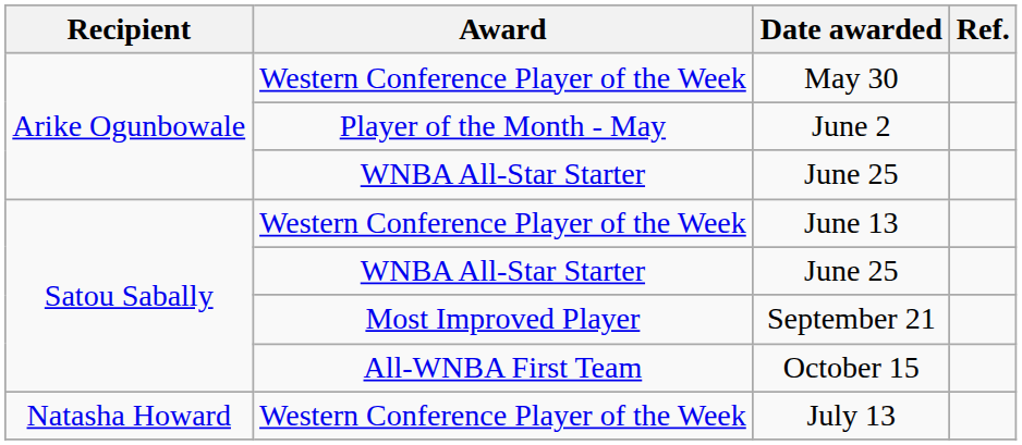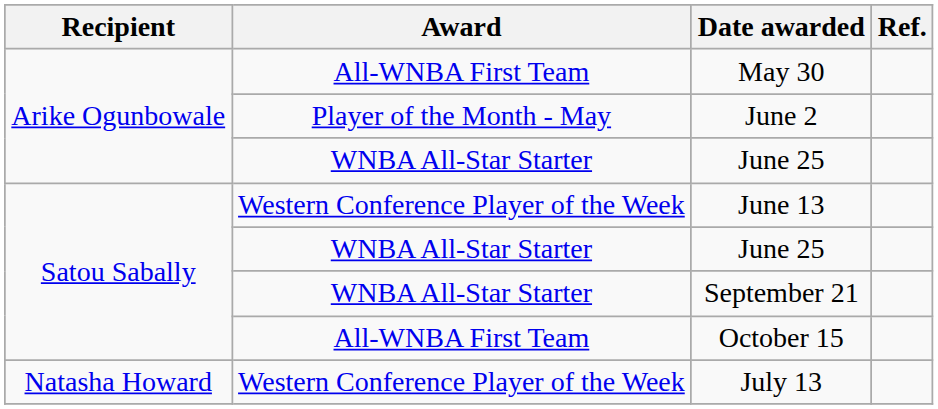 <table class="wikitable sortable sortable" style="text-align: center">
 <tr>
 <th>Recipient</th>
 <th>Award</th>
 <th>Date awarded</th>
 <th>Ref.</th>
 </tr>
 <tr>
 <td rowspan=3><a href='#'>Arike Ogunbowale</a></td>
-<td><a href='#'>Western Conference Player of the Week</a></td>
+<td><a href='#'>All-WNBA First Team</a></td>
 <td>May 30</td>
 <td></td>
 </tr>
 <tr>
 <td><a href='#'>Player of the Month - May</a></td>
 <td>June 2</td>
 <td></td>
 </tr>
 <tr>
 <td><a href='#'>WNBA All-Star Starter</a></td>
 <td>June 25</td>
 <td></td>
 </tr>
 <tr>
 <td rowspan=4><a href='#'>Satou Sabally</a></td>
 <td><a href='#'>Western Conference Player of the Week</a></td>
 <td>June 13</td>
 <td></td>
 </tr>
 <tr>
 <td><a href='#'>WNBA All-Star Starter</a></td>
 <td>June 25</td>
 <td></td>
 </tr>
 <tr>
-<td><a href='#'>Most Improved Player</a></td>
+<td><a href='#'>WNBA All-Star Starter</a></td>
 <td>September 21</td>
 <td></td>
 </tr>
 <tr>
 <td><a href='#'>All-WNBA First Team</a></td>
 <td>October 15</td>
 <td></td>
 </tr>
 <tr>
 <td><a href='#'>Natasha Howard</a></td>
 <td><a href='#'>Western Conference Player of the Week</a></td>
 <td>July 13</td>
 <td></td>
 </tr>
 </table>
